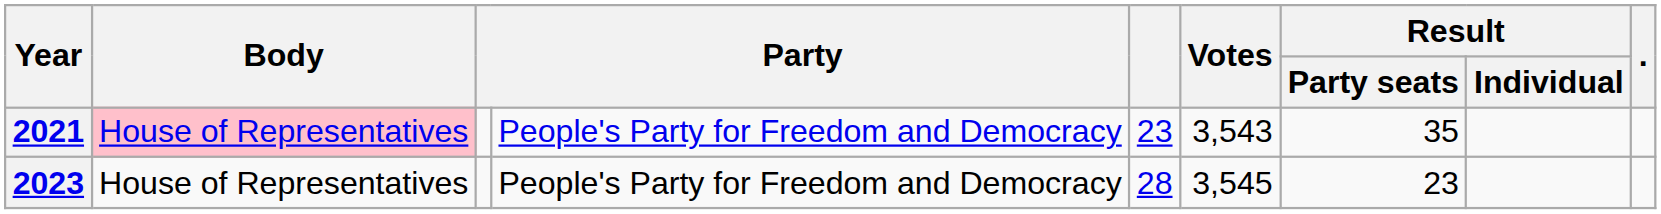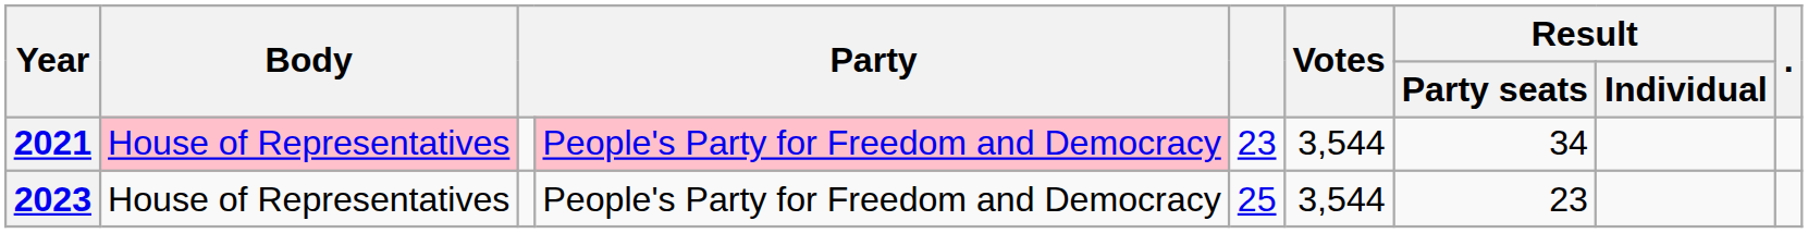 <table class="wikitable plainrowheaders sortable" border=2 cellpadding=4 cellspacing=0 style="border: 1px #aaa solid; font-size: 90%; text-align:center;">
 <tr>
 <th scope="col" rowspan=2>Year</th>
 <th scope="col" rowspan=2>Body</th>
 <th scope="col" colspan=2 rowspan=2>Party</th>
 <th scope="col" rowspan=2></th>
 <th scope="col" rowspan=2>Votes</th>
 <th scope="colgroup" colspan=2>Result</th>
 <th scope="col" rowspan=2 class="unsortable">.</th>
 </tr>
 <tr>
 <th scope="col">Party seats</th>
 <th scope="col">Individual</th>
 </tr>
 <tr>
 <th scope="row"><a href='#'>2021</a></th>
 <td style="background: pink;"><a href='#'>House of Representatives</a></td>
 <td style="background-color:"></td>
-<td><a href='#'>People's Party for Freedom and Democracy</a></td>
+<td style="background: pink;"><a href='#'>People's Party for Freedom and Democracy</a></td>
 <td style=text-align:right><a href='#'>23</a></td>
-<td style=text-align:right>3,543</td>
-<td style=text-align:right>35</td>
+<td style=text-align:right>3,544</td>
+<td style=text-align:right>34</td>
 <td></td>
 <td></td>
 </tr>
 <tr>
 <th scope="row"><a href='#'>2023</a></th>
 <td>House of Representatives</td>
 <td style="background-color:"></td>
 <td>People's Party for Freedom and Democracy</td>
-<td style=text-align:right><a href='#'>28</a></td>
-<td style=text-align:right>3,545</td>
+<td style=text-align:right><a href='#'>25</a></td>
+<td style=text-align:right>3,544</td>
 <td style=text-align:right>23</td>
 <td></td>
 <td></td>
 </tr>
 </table>
